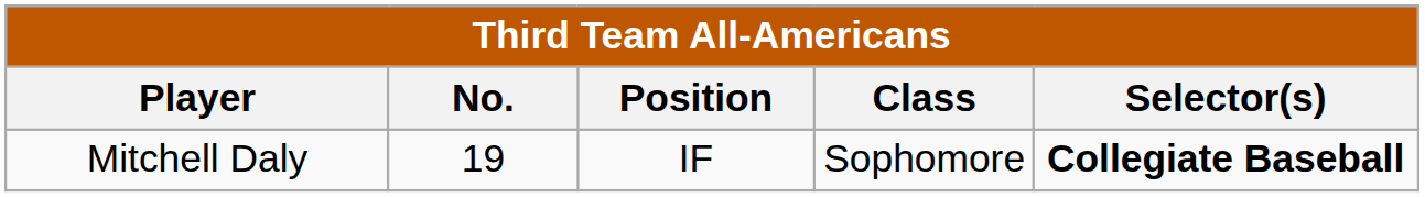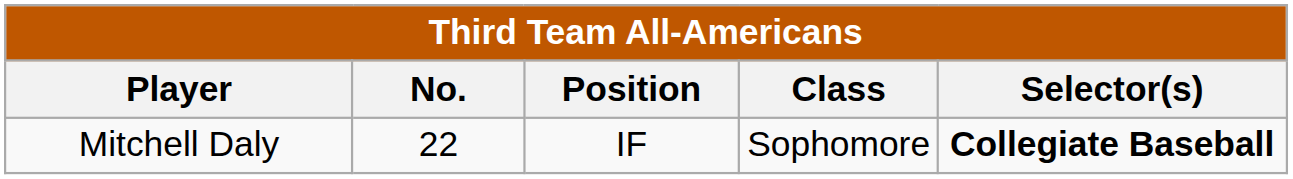 <table class="wikitable" style="text-align:center">
 <tr>
 <td colspan="5" style= "background: #BF5700; color:white"><strong>Third Team All-Americans</strong></td>
 </tr>
 <tr>
 <th style="width:150px; ">Player</th>
 <th style="width:70px; ">No.</th>
 <th style="width:90px; ">Position</th>
 <th style="width:80px; ">Class</th>
 <th style="width:150px; ">Selector(s)</th>
 </tr>
 <tr>
 <td>Mitchell Daly</td>
-<td>19</td>
+<td>22</td>
 <td>IF</td>
 <td>Sophomore</td>
 <td><strong>Collegiate Baseball</strong></td>
 </tr>
 </table>
